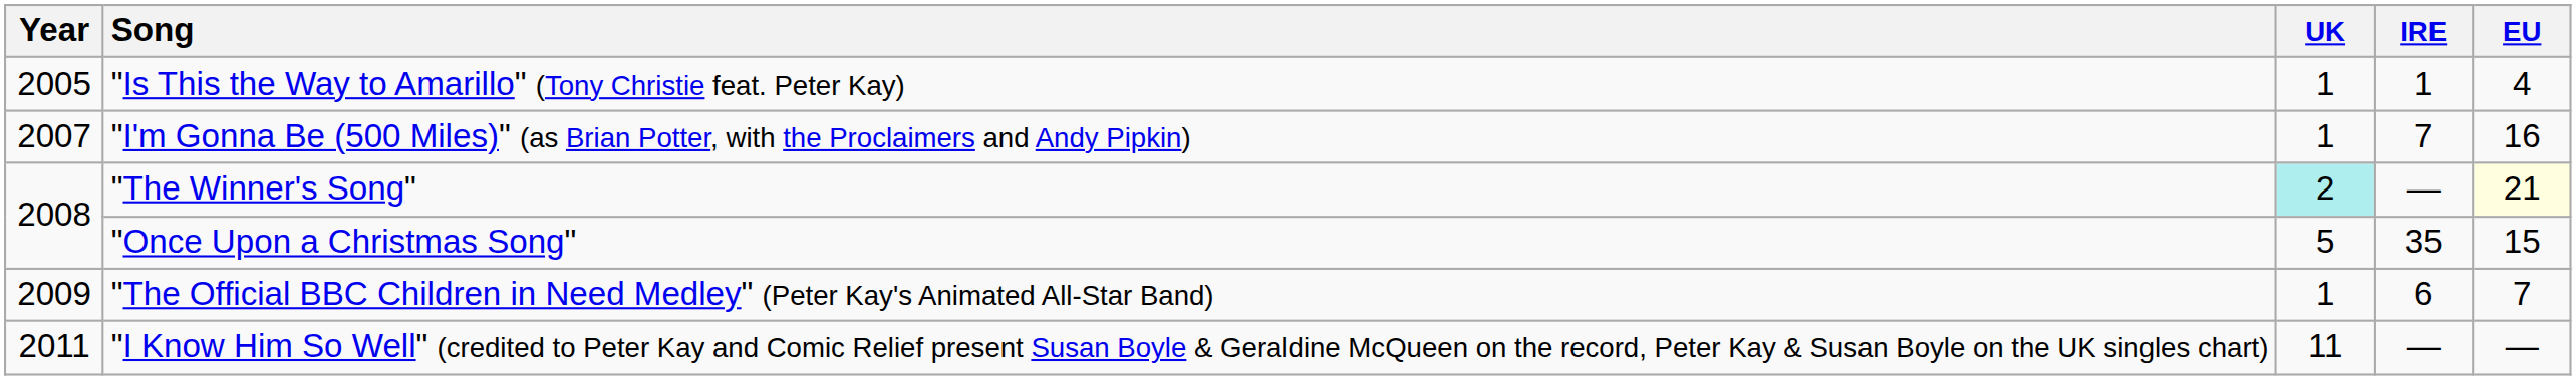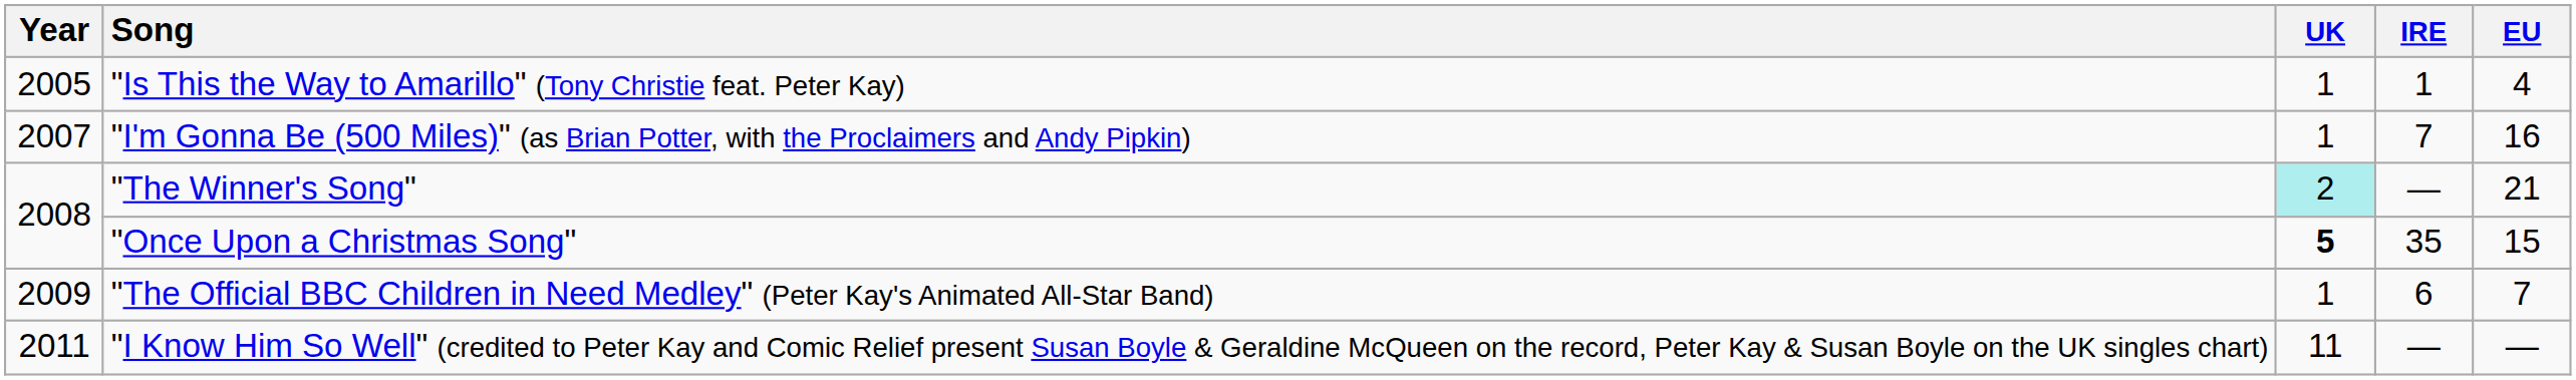 <table class="wikitable">
 <tr>
 <th style="vertical-align:top; text-align:center; width:40px;">Year</th>
 <th style="text-align:left; vertical-align:top;">Song</th>
 <th style="vertical-align:top; text-align:center; width:40px;"><small><a href='#'>UK</a></small></th>
 <th style="vertical-align:top; text-align:center; width:40px;"><small><a href='#'>IRE</a></small></th>
 <th style="vertical-align:top; text-align:center; width:40px;"><small><a href='#'>EU</a></small></th>
 </tr>
 <tr style="vertical-align:top;">
 <td style="text-align:center; ">2005</td>
 <td style="text-align:left; ">"<a href='#'>Is This the Way to Amarillo</a>" <small>(<a href='#'>Tony Christie</a> feat. Peter Kay)</small></td>
 <td style="text-align:center; ">1</td>
 <td style="text-align:center; ">1</td>
 <td style="text-align:center; ">4</td>
 </tr>
 <tr style="vertical-align:top;">
 <td style="text-align:center; ">2007</td>
 <td style="text-align:left; ">"<a href='#'>I'm Gonna Be (500 Miles)</a>" <small>(as <a href='#'>Brian Potter</a>, with <a href='#'>the Proclaimers</a> and <a href='#'>Andy Pipkin</a>)</small></td>
 <td style="text-align:center; ">1</td>
 <td style="text-align:center; ">7</td>
 <td style="text-align:center; ">16</td>
 </tr>
 <tr>
 <td style="text-align:center;" rowspan="2">2008</td>
 <td style="text-align:left; vertical-align:top;">"<a href='#'>The Winner's Song</a>" </td>
 <td style="background: paleturquoise; text-align:center; vertical-align:top;">2</td>
 <td style="text-align:center; vertical-align:top;">—</td>
-<td style="background: lightyellow; text-align:center; vertical-align:top;">21</td>
+<td style="text-align:center; vertical-align:top;">21</td>
 </tr>
 <tr>
 <td style="text-align:left; vertical-align:top;">"<a href='#'>Once Upon a Christmas Song</a>" </td>
-<td style="text-align:center; vertical-align:top;">5</td>
+<td style="text-align:center; vertical-align:top;"><strong>5</strong></td>
 <td style="text-align:center; vertical-align:top;">35</td>
 <td style="text-align:center; vertical-align:top;">15</td>
 </tr>
 <tr>
 <td style="text-align:center; vertical-align:top;">2009</td>
 <td align="left">"<a href='#'>The Official BBC Children in Need Medley</a>" <small>(Peter Kay's Animated All-Star Band)</small></td>
 <td style="text-align:center; vertical-align:top;">1</td>
 <td style="text-align:center; vertical-align:top;">6</td>
 <td style="text-align:center; vertical-align:top;">7</td>
 </tr>
 <tr>
 <td style="text-align:center; vertical-align:top;">2011</td>
 <td align="left">"<a href='#'>I Know Him So Well</a>" <small>(credited to Peter Kay and Comic Relief present <a href='#'>Susan Boyle</a> & Geraldine McQueen on the record, Peter Kay & Susan Boyle on the UK singles chart)</small> </td>
 <td style="text-align:center; vertical-align:top;">11</td>
 <td style="text-align:center; vertical-align:top;">—</td>
 <td style="text-align:center; vertical-align:top;">—</td>
 </tr>
 </table>
